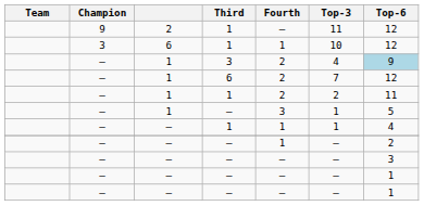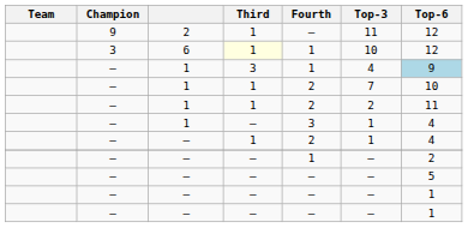 <table class="wikitable sortable" style="text-align:center;">
 <tr>
 <th style="width:6.0em;">Team</th>
 <th style="width:6.0em;">Champion</th>
 <th style="width:6.3em;"></th>
 <th style="width:4.8em;">Third</th>
 <th style="width:4.8em;">Fourth</th>
 <th style="width:5.0em;">Top-3 </th>
 <th style="width:5.0em;">Top-6 </th>
 </tr>
 <tr>
 <td align=left></td>
 <td>9</td>
 <td>2</td>
 <td>1</td>
 <td>–</td>
 <td>11</td>
 <td>12</td>
 </tr>
 <tr>
 <td align=left></td>
 <td>3</td>
 <td>6</td>
-<td>1</td>
+<td style="background: lightyellow;">1</td>
 <td>1</td>
 <td>10</td>
 <td>12</td>
 </tr>
 <tr>
 <td align="left"></td>
 <td>–</td>
 <td>1</td>
 <td>3</td>
-<td>2</td>
+<td>1</td>
 <td>4</td>
 <td style="background: lightblue;">9</td>
 </tr>
 <tr>
 <td align=left></td>
 <td>–</td>
 <td>1</td>
-<td>6</td>
+<td>1</td>
 <td>2</td>
 <td>7</td>
-<td>12</td>
+<td>10</td>
 </tr>
 <tr>
 <td align=left></td>
 <td>–</td>
 <td>1</td>
 <td>1</td>
 <td>2</td>
 <td>2</td>
 <td>11</td>
 </tr>
 <tr>
 <td align=left></td>
 <td>–</td>
 <td>1</td>
 <td>–</td>
 <td>3</td>
 <td>1</td>
-<td>5</td>
+<td>4</td>
 </tr>
 <tr>
 <td align=left></td>
 <td>–</td>
 <td>–</td>
 <td>1</td>
-<td>1</td>
+<td>2</td>
 <td>1</td>
 <td>4</td>
 </tr>
 <tr>
 </tr>
 <tr>
 <td align=left></td>
 <td>–</td>
 <td>–</td>
 <td>–</td>
 <td>1</td>
 <td>–</td>
 <td>2</td>
 </tr>
 <tr>
 <td align=left></td>
 <td>–</td>
 <td>–</td>
 <td>–</td>
 <td>–</td>
 <td>–</td>
-<td>3</td>
+<td>5</td>
 </tr>
 <tr>
 <td align=left></td>
 <td>–</td>
 <td>–</td>
 <td>–</td>
 <td>–</td>
 <td>–</td>
 <td>1</td>
 </tr>
 <tr>
 <td align=left></td>
 <td>–</td>
 <td>–</td>
 <td>–</td>
 <td>–</td>
 <td>–</td>
 <td>1</td>
 </tr>
 </table>
